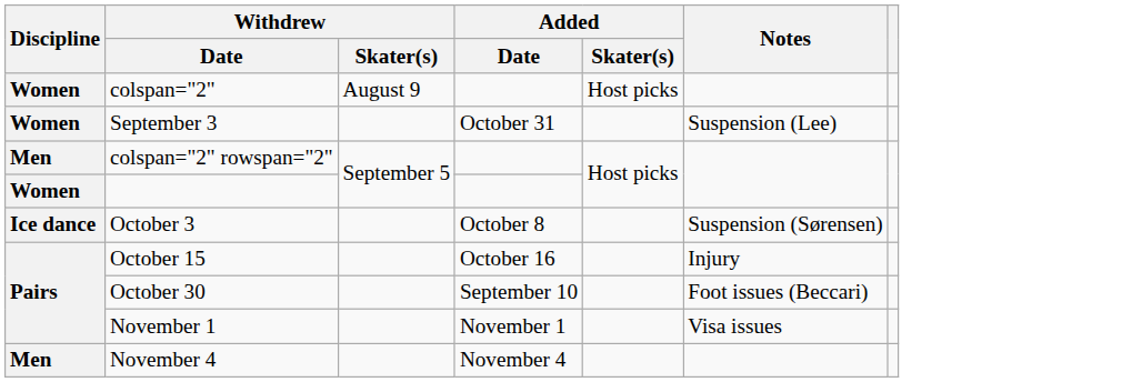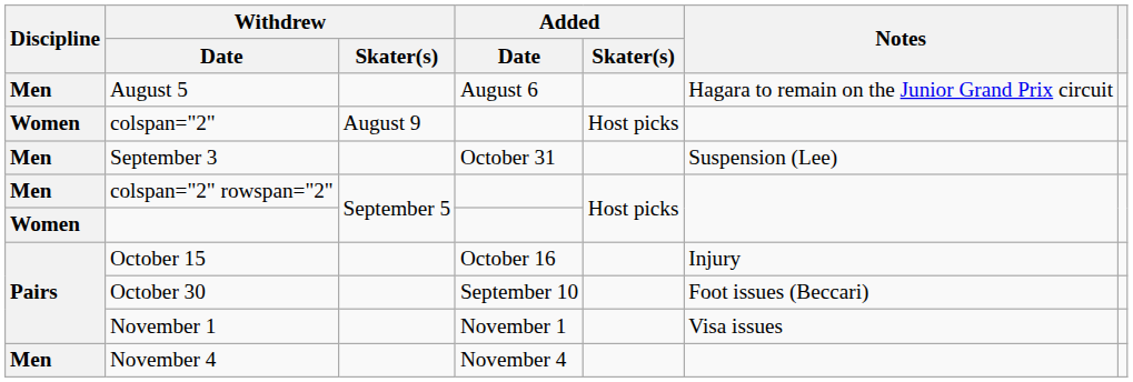 <table class="wikitable unsortable">
 <tr>
 <th scope="col" rowspan=2>Discipline</th>
 <th scope="col" colspan=2>Withdrew</th>
 <th scope="col" colspan=2>Added</th>
 <th scope="col" rowspan=2>Notes</th>
 <th scope="col" rowspan=2></th>
 </tr>
 <tr>
 <th>Date</th>
 <th>Skater(s)</th>
 <th>Date</th>
 <th>Skater(s)</th>
 </tr>
 <tr>
+<th scope="row" style="text-align:left">Men</th>
+<td>August 5</td>
+<td></td>
+<td>August 6</td>
+<td></td>
+<td>Hagara to remain on the <a href='#'>Junior Grand Prix</a> circuit</td>
+<td></td>
+</tr>
+<tr>
 <th scope="row" style="text-align:left">Women</th>
 <td>colspan="2" </td>
 <td>August 9</td>
 <td></td>
 <td>Host picks</td>
 <td></td>
 </tr>
 <tr>
-<th scope="row" style="text-align:left">Women</th>
+<th scope="row" style="text-align:left">Men</th>
 <td>September 3</td>
 <td></td>
 <td>October 31</td>
 <td></td>
 <td>Suspension (Lee)</td>
 <td></td>
 </tr>
 <tr>
 <th scope="row" style="text-align:left">Men</th>
 <td>colspan="2" rowspan="2" </td>
 <td rowspan="2">September 5</td>
 <td></td>
 <td rowspan="2">Host picks</td>
 <td rowspan="2"></td>
 </tr>
 <tr>
 <th scope="row" style="text-align:left">Women</th>
-<td></td>
-</tr>
-<tr>
-<th scope="row" style="text-align:left">Ice dance</th>
-<td>October 3</td>
-<td></td>
-<td>October 8</td>
-<td></td>
-<td>Suspension (Sørensen)</td>
 <td></td>
 </tr>
 <tr>
 <th scope="row" style="text-align:left" rowspan=3>Pairs</th>
 <td>October 15</td>
 <td></td>
 <td>October 16</td>
 <td></td>
 <td>Injury</td>
 <td></td>
 </tr>
 <tr>
 <td>October 30</td>
 <td></td>
 <td>September 10</td>
 <td></td>
 <td>Foot issues (Beccari)</td>
 <td></td>
 </tr>
 <tr>
 <td>November 1</td>
 <td></td>
 <td>November 1</td>
 <td></td>
 <td>Visa issues</td>
 <td></td>
 </tr>
 <tr>
 <th scope="row" style="text-align:left">Men</th>
 <td>November 4</td>
 <td></td>
 <td>November 4</td>
 <td></td>
 <td></td>
 <td></td>
 </tr>
 </table>
